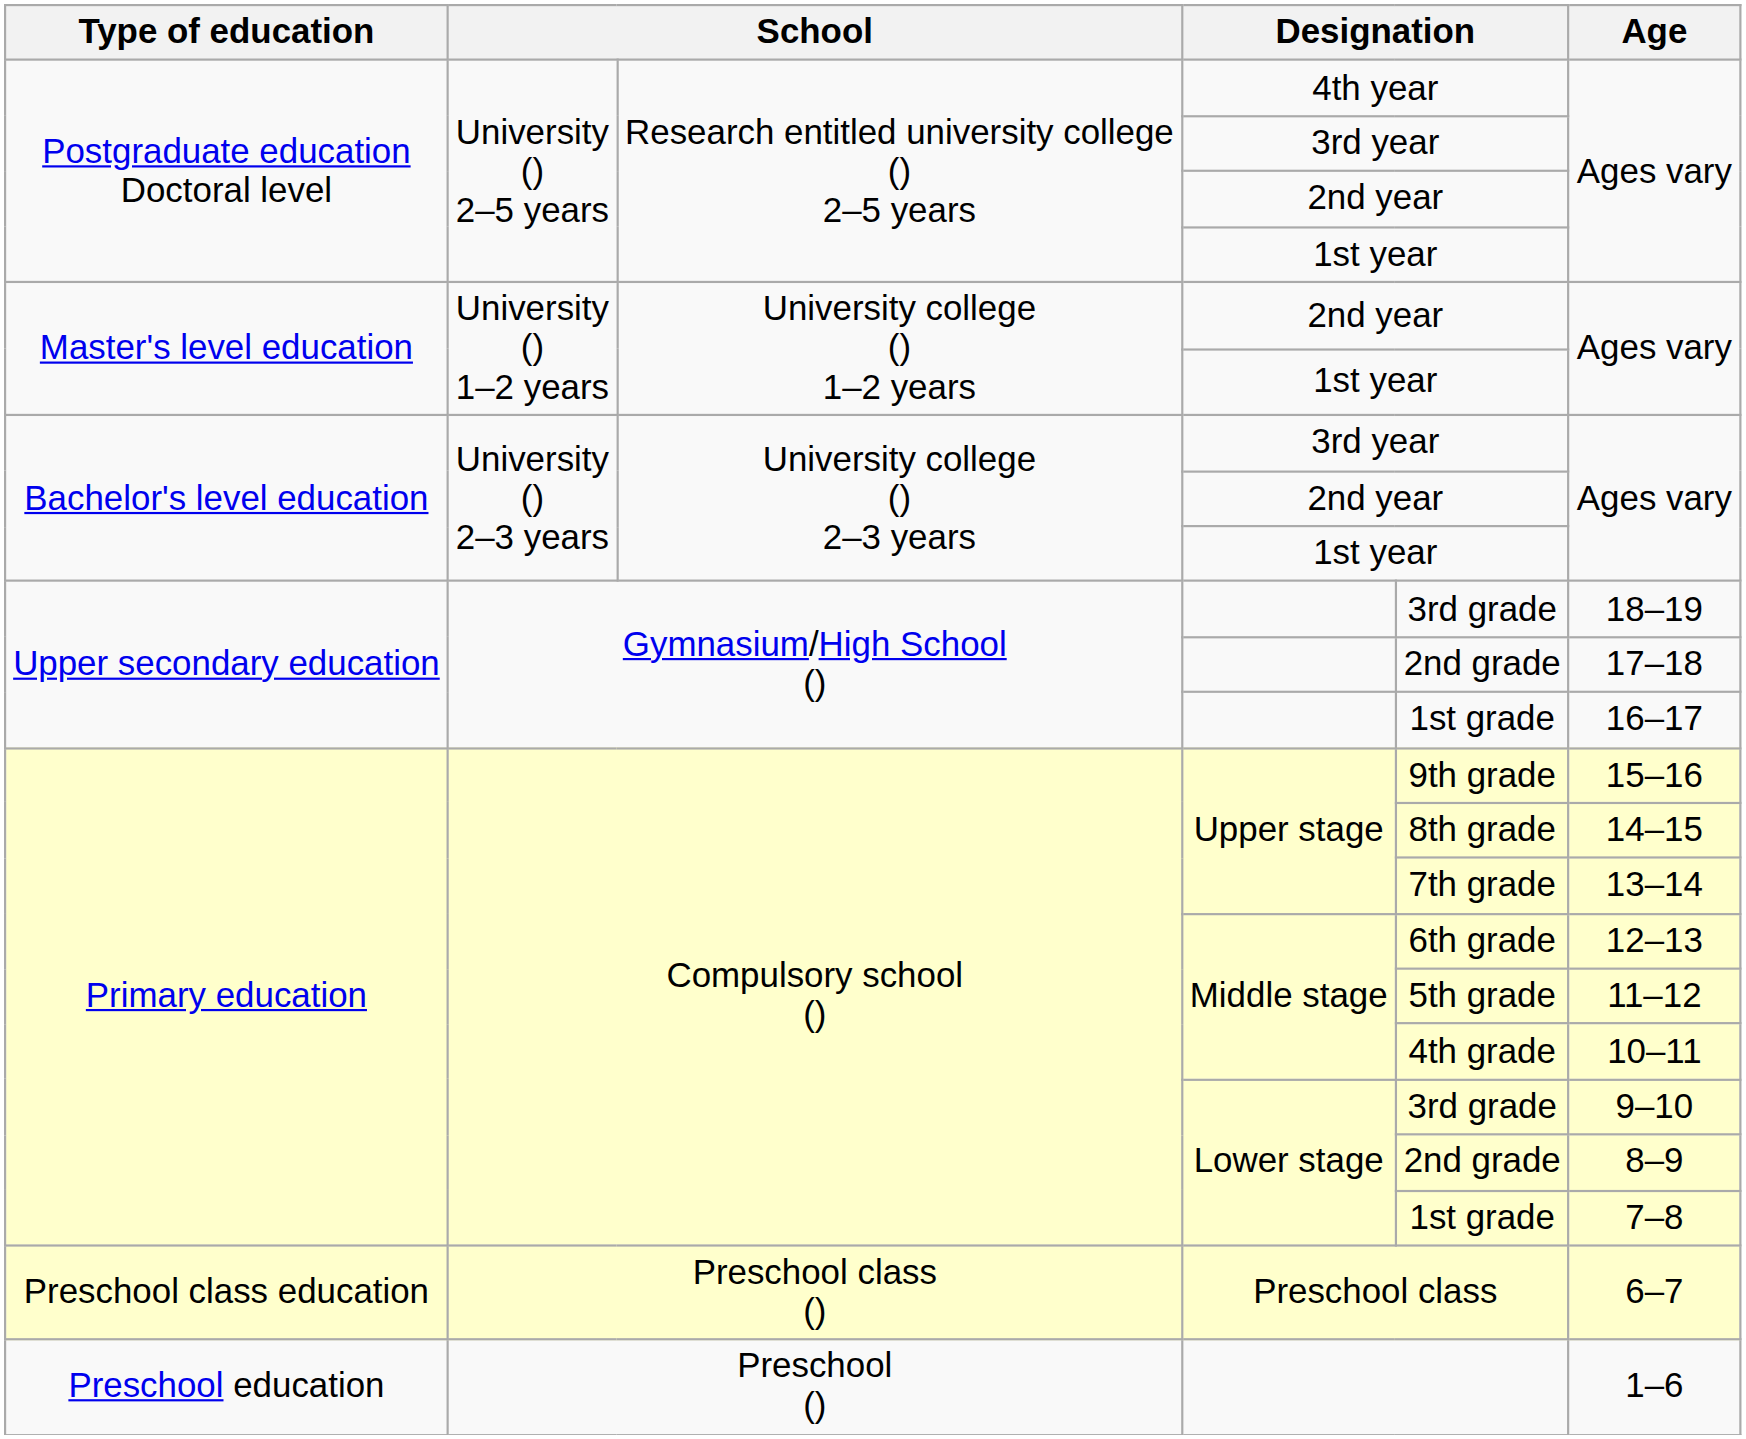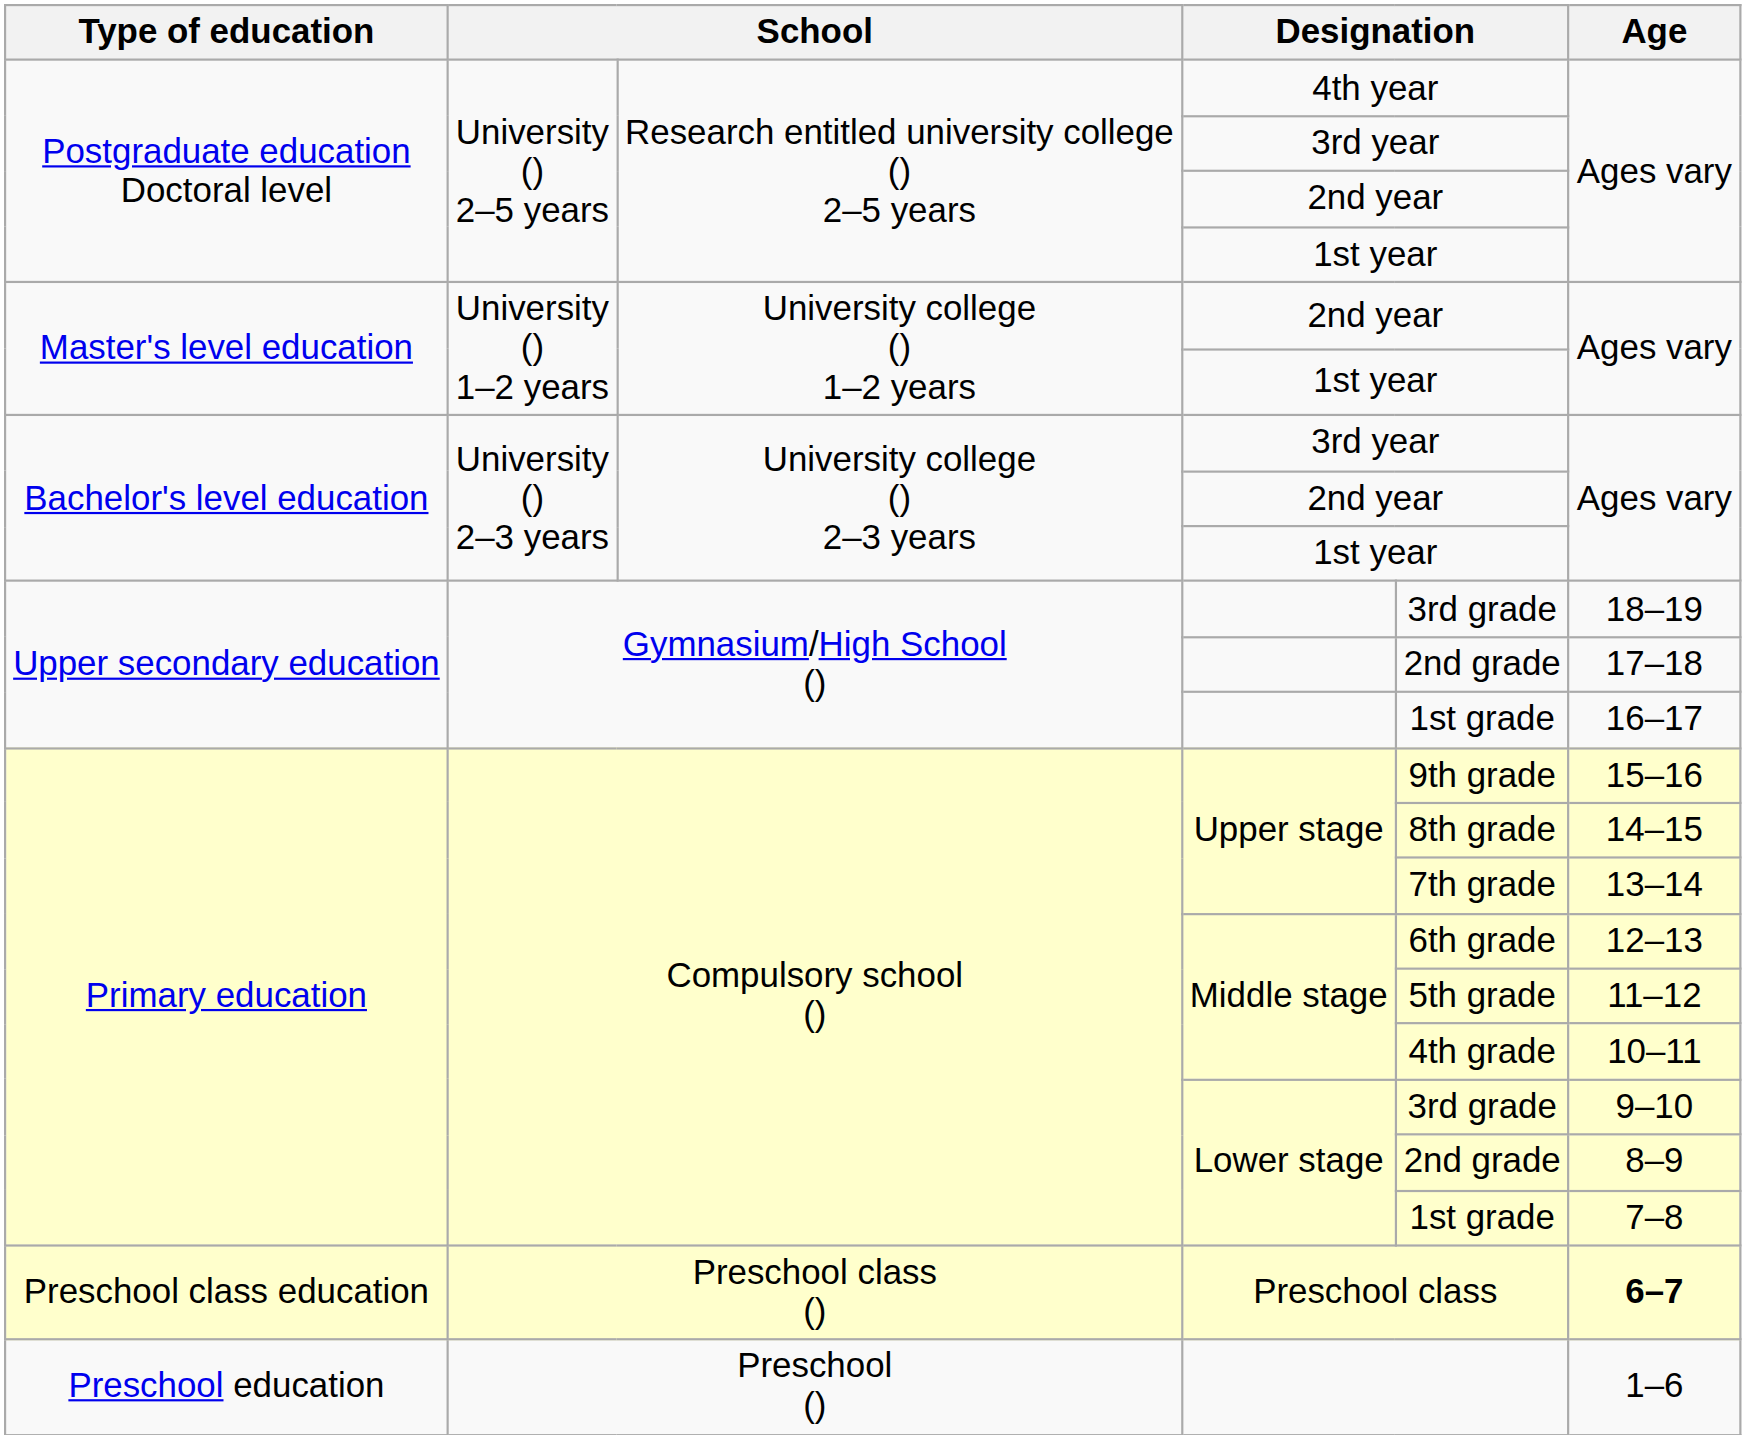 <table class="wikitable" 1em">
 <tr>
 <th>Type of education</th>
 <th colspan="2">School</th>
 <th colspan="2">Designation</th>
 <th>Age</th>
 </tr>
 <tr style="text-align:center;">
 <td rowspan="4"><a href='#'>Postgraduate education</a><br>Doctoral level</td>
 <td rowspan="4">University<br>()<br>2–5 years</td>
 <td rowspan="4">Research entitled university college<br>()<br>2–5 years</td>
 <td colspan="2">4th year</td>
 <td rowspan="4">Ages vary</td>
 </tr>
 <tr style="text-align:center;">
 <td colspan="2">3rd year</td>
 </tr>
 <tr style="text-align:center;">
 <td colspan="2">2nd year</td>
 </tr>
 <tr style="text-align:center;">
 <td colspan="2">1st year</td>
 </tr>
 <tr style="text-align:center;">
 <td rowspan="2"><a href='#'>Master's level education</a></td>
 <td rowspan="2">University<br>()<br>1–2 years</td>
 <td rowspan="2">University college<br>()<br>1–2 years</td>
 <td colspan="2">2nd year</td>
 <td rowspan="2">Ages vary</td>
 </tr>
 <tr style="text-align:center;">
 <td colspan="2">1st year</td>
 </tr>
 <tr style="text-align:center;">
 <td rowspan="3"><a href='#'>Bachelor's level education</a></td>
 <td rowspan="3">University<br>()<br>2–3 years</td>
 <td rowspan="3">University college<br>()<br>2–3 years</td>
 <td colspan="2">3rd year</td>
 <td rowspan="3">Ages vary</td>
 </tr>
 <tr style="text-align:center;">
 <td colspan="2">2nd year</td>
 </tr>
 <tr style="text-align:center;">
 <td colspan="2">1st year</td>
 </tr>
 <tr style="text-align:center;">
 <td rowspan="3"><a href='#'>Upper secondary education</a></td>
 <td rowspan="3" colspan="2"><a href='#'>Gymnasium</a>/<a href='#'>High School</a><br>()</td>
 <td></td>
 <td>3rd grade</td>
 <td>18–19</td>
 </tr>
 <tr style="text-align:center;">
 <td></td>
 <td>2nd grade</td>
 <td>17–18</td>
 </tr>
 <tr style="text-align:center;">
 <td></td>
 <td>1st grade</td>
 <td>16–17</td>
 </tr>
 <tr style="text-align:center; background:#ffc;">
 <td rowspan="9"><a href='#'>Primary education</a></td>
 <td colspan="2" rowspan="9">Compulsory school<br>()</td>
 <td rowspan="3">Upper stage<br></td>
 <td>9th grade</td>
 <td>15–16</td>
 </tr>
 <tr style="text-align:center; background:#ffc;">
 <td>8th grade</td>
 <td>14–15</td>
 </tr>
 <tr style="text-align:center; background:#ffc;">
 <td>7th grade</td>
 <td>13–14</td>
 </tr>
 <tr style="text-align:center; background:#ffc;">
 <td rowspan="3">Middle stage<br></td>
 <td>6th grade</td>
 <td>12–13</td>
 </tr>
 <tr style="text-align:center; background:#ffc;">
 <td>5th grade</td>
 <td>11–12</td>
 </tr>
 <tr style="text-align:center; background:#ffc;">
 <td>4th grade</td>
 <td>10–11</td>
 </tr>
 <tr style="text-align:center; background:#ffc;">
 <td rowspan="3">Lower stage<br></td>
 <td>3rd grade</td>
 <td>9–10</td>
 </tr>
 <tr style="text-align:center; background:#ffc;">
 <td>2nd grade</td>
 <td>8–9</td>
 </tr>
 <tr style="text-align:center; background:#ffc;">
 <td>1st grade</td>
 <td>7–8</td>
 </tr>
 <tr style="text-align:center; background:#ffc;">
 <td>Preschool class education</td>
 <td colspan="2">Preschool class<br>()</td>
 <td colspan="2">Preschool class<br></td>
-<td>6–7</td>
+<td><strong>6–7</strong></td>
 </tr>
 <tr style="text-align:center;">
 <td><a href='#'>Preschool</a> education</td>
 <td colspan="2">Preschool<br>()</td>
 <td colspan="2"> </td>
 <td>1–6</td>
 </tr>
 </table>
